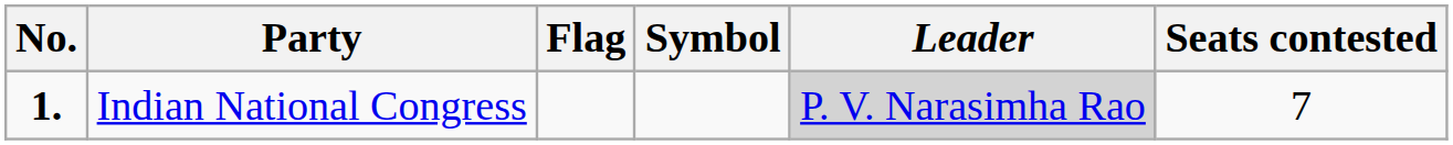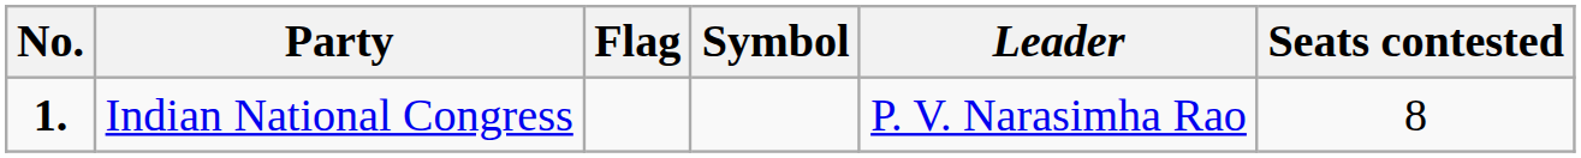 <table class="wikitable">
 <tr>
 <th>No.</th>
 <th>Party</th>
 <th><strong>Flag</strong></th>
 <th>Symbol</th>
 <th><em>Leader</em></th>
 <th>Seats contested</th>
 </tr>
 <tr>
 <td ! style="text-align:center; background:"><strong>1.</strong></td>
 <td style="text-align:center"><a href='#'>Indian National Congress</a></td>
 <td></td>
 <td></td>
-<td style="background: lightgrey; text-align:center"><a href='#'>P. V. Narasimha Rao</a></td>
-<td style="text-align:center">7</td>
+<td style="text-align:center"><a href='#'>P. V. Narasimha Rao</a></td>
+<td style="text-align:center">8</td>
 </tr>
 </table>
